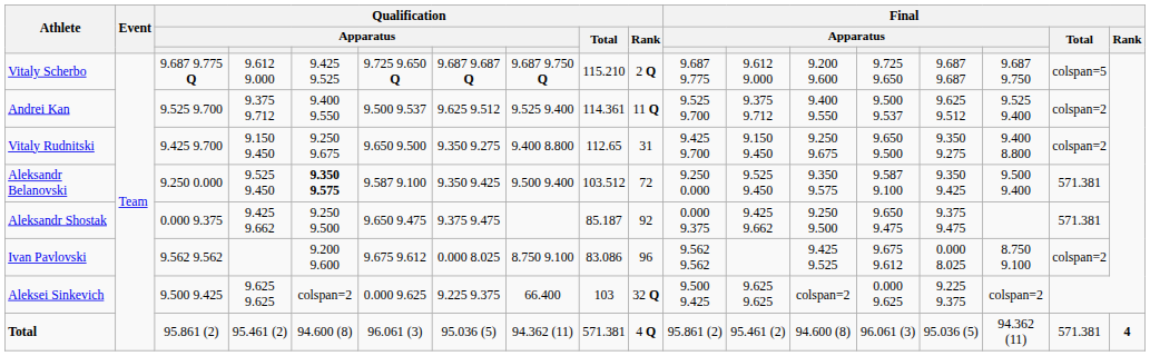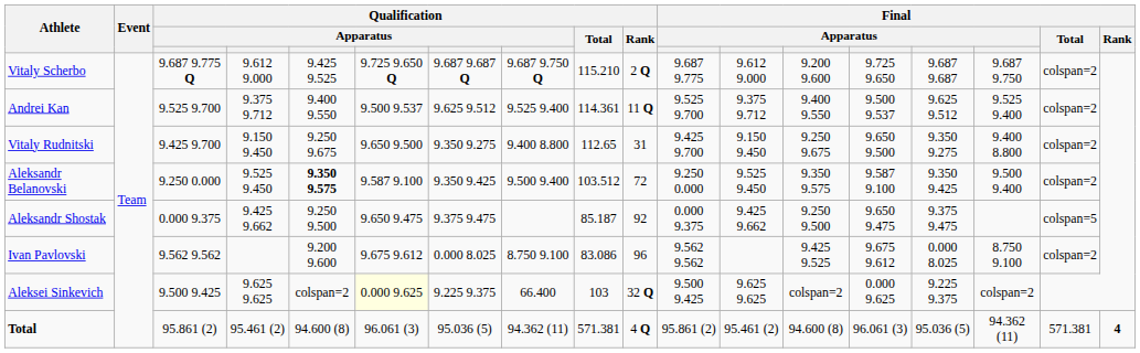 <table class="wikitable" style="font-size:90%">
 <tr>
 <th rowspan=3>Athlete</th>
 <th rowspan=3>Event</th>
 <th colspan =8>Qualification</th>
 <th colspan =8>Final</th>
 </tr>
 <tr style="font-size:95%">
 <th colspan=6>Apparatus</th>
 <th rowspan=2>Total</th>
 <th rowspan=2>Rank</th>
 <th colspan=6>Apparatus</th>
 <th rowspan=2>Total</th>
 <th rowspan=2>Rank</th>
 </tr>
 <tr style="font-size:95%">
 <th></th>
 <th></th>
 <th></th>
 <th></th>
 <th></th>
 <th></th>
 <th></th>
 <th></th>
 <th></th>
 <th></th>
 <th></th>
 <th></th>
 </tr>
 <tr align=center>
 <td align=left><a href='#'>Vitaly Scherbo</a></td>
 <td align=left rowspan=8><a href='#'>Team</a></td>
 <td>9.687 	9.775 <strong>Q</strong></td>
 <td>9.612 	9.000</td>
 <td>9.425 	9.525</td>
 <td>9.725 	9.650 <strong>Q</strong></td>
 <td>9.687 	9.687 <strong>Q</strong></td>
 <td>9.687 	9.750 <strong>Q</strong></td>
 <td>115.210</td>
 <td>2 <strong>Q</strong></td>
 <td>9.687 	9.775</td>
 <td>9.612 	9.000</td>
 <td>9.200 	9.600</td>
 <td>9.725 	9.650</td>
 <td>9.687 	9.687</td>
 <td>9.687 	9.750</td>
-<td>colspan=5 </td>
+<td>colspan=2 </td>
 </tr>
 <tr align=center>
 <td align=left><a href='#'>Andrei Kan</a></td>
 <td>9.525 	9.700</td>
 <td>9.375 	9.712</td>
 <td>9.400 	9.550</td>
 <td>9.500 	9.537</td>
 <td>9.625 	9.512</td>
 <td>9.525 	9.400</td>
 <td>114.361</td>
 <td>11 <strong>Q</strong></td>
 <td>9.525 	9.700</td>
 <td>9.375 	9.712</td>
 <td>9.400 	9.550</td>
 <td>9.500 	9.537</td>
 <td>9.625 	9.512</td>
 <td>9.525 	9.400</td>
 <td>colspan=2 </td>
 </tr>
 <tr align=center>
 <td align=left><a href='#'>Vitaly Rudnitski</a></td>
 <td>9.425 	9.700</td>
 <td>9.150 	9.450</td>
 <td>9.250 	9.675</td>
 <td>9.650 	9.500</td>
 <td>9.350 	9.275</td>
 <td>9.400 	8.800</td>
 <td>112.65</td>
 <td>31</td>
 <td>9.425 	9.700</td>
 <td>9.150 	9.450</td>
 <td>9.250 	9.675</td>
 <td>9.650 	9.500</td>
 <td>9.350 	9.275</td>
 <td>9.400 	8.800</td>
 <td>colspan=2 </td>
 </tr>
 <tr align=center>
 <td align=left><a href='#'>Aleksandr Belanovski</a></td>
 <td>9.250 	0.000</td>
 <td>9.525 	9.450</td>
 <td><strong>9.350 	9.575</strong></td>
 <td>9.587 	9.100</td>
 <td>9.350 	9.425</td>
 <td>9.500 	9.400</td>
 <td>103.512</td>
 <td>72</td>
 <td>9.250 	0.000</td>
 <td>9.525 	9.450</td>
 <td>9.350 	9.575</td>
 <td>9.587 	9.100</td>
 <td>9.350 	9.425</td>
 <td>9.500 	9.400</td>
-<td>571.381</td>
+<td>colspan=2 </td>
 </tr>
 <tr align=center>
 <td align=left><a href='#'>Aleksandr Shostak</a></td>
 <td>0.000 	9.375</td>
 <td>9.425 	9.662</td>
 <td>9.250 	9.500</td>
 <td>9.650 	9.475</td>
 <td>9.375 	9.475</td>
 <td></td>
 <td>85.187</td>
 <td>92</td>
 <td>0.000 	9.375</td>
 <td>9.425 	9.662</td>
 <td>9.250 	9.500</td>
 <td>9.650 	9.475</td>
 <td>9.375 	9.475</td>
 <td></td>
-<td>571.381</td>
+<td>colspan=5 </td>
 </tr>
 <tr align=center>
 <td align=left><a href='#'>Ivan Pavlovski</a></td>
 <td>9.562 	9.562</td>
 <td></td>
 <td>9.200 	9.600</td>
 <td>9.675 	9.612</td>
 <td>0.000 	8.025</td>
 <td>8.750 	9.100</td>
 <td>83.086</td>
 <td>96</td>
 <td>9.562 	9.562</td>
 <td></td>
 <td>9.425 	9.525</td>
 <td>9.675 	9.612</td>
 <td>0.000 	8.025</td>
 <td>8.750 	9.100</td>
 <td>colspan=2 </td>
 </tr>
 <tr align=center>
 <td align=left><a href='#'>Aleksei Sinkevich</a></td>
 <td>9.500 	9.425</td>
 <td>9.625 	9.625</td>
 <td>colspan=2 </td>
-<td>0.000 	9.625</td>
+<td style="background: lightyellow;">0.000 	9.625</td>
 <td>9.225 	9.375</td>
 <td>66.400</td>
 <td>103</td>
 <td>32 <strong>Q</strong></td>
 <td>9.500 	9.425</td>
 <td>9.625 	9.625</td>
 <td>colspan=2 </td>
 <td>0.000 	9.625</td>
 <td>9.225 	9.375</td>
 <td>colspan=2 </td>
 </tr>
 <tr align=center>
 <td align=left><strong>Total</strong></td>
 <td>95.861 (2)</td>
 <td>95.461 (2)</td>
 <td>94.600 (8)</td>
 <td>96.061 (3)</td>
 <td>95.036 (5)</td>
 <td>94.362 (11)</td>
 <td>571.381</td>
 <td>4 <strong>Q</strong></td>
 <td>95.861 (2)</td>
 <td>95.461 (2)</td>
 <td>94.600 (8)</td>
 <td>96.061 (3)</td>
 <td>95.036 (5)</td>
 <td>94.362 (11)</td>
 <td>571.381</td>
 <td><strong>4</strong></td>
 </tr>
 </table>
